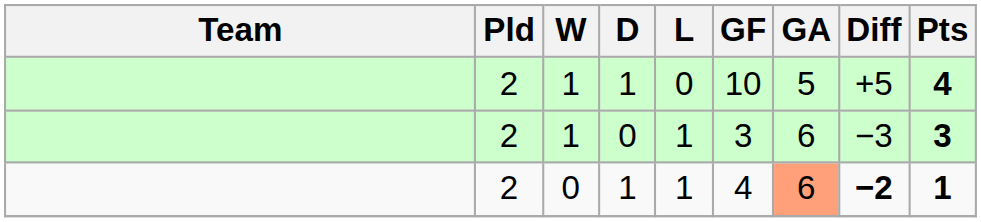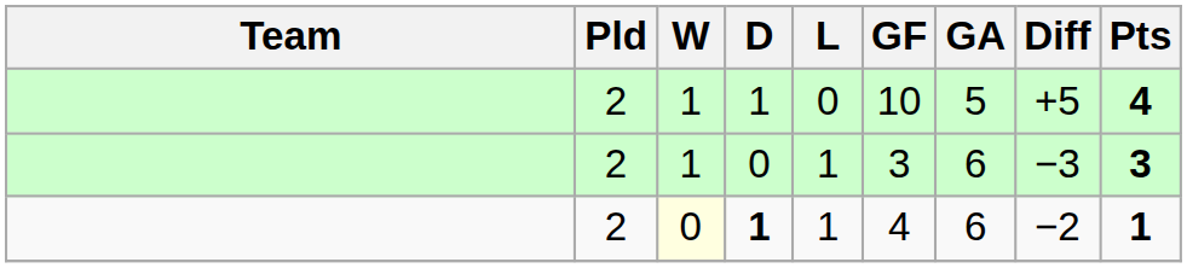 <table class="wikitable" style="text-align: center;">
 <tr>
 <th width=220>Team</th>
 <th width=20>Pld</th>
 <th width=20>W</th>
 <th width=20>D</th>
 <th width=20>L</th>
 <th width=20>GF</th>
 <th width=20>GA</th>
 <th width=20>Diff</th>
 <th width=20>Pts</th>
 </tr>
 <tr bgcolor=ccffcc>
 <td align="left"></td>
 <td>2</td>
 <td>1</td>
 <td>1</td>
 <td>0</td>
 <td>10</td>
 <td>5</td>
 <td>+5</td>
 <td><strong>4</strong></td>
 </tr>
 <tr bgcolor=ccffcc>
 <td align="left"></td>
 <td>2</td>
 <td>1</td>
 <td>0</td>
 <td>1</td>
 <td>3</td>
 <td>6</td>
 <td>−3</td>
 <td><strong>3</strong></td>
 </tr>
 <tr>
 <td align="left"></td>
 <td>2</td>
-<td>0</td>
-<td>1</td>
+<td style="background: lightyellow;">0</td>
+<td><strong>1</strong></td>
 <td>1</td>
 <td>4</td>
-<td style="background: lightsalmon;">6</td>
-<td><strong>−2</strong></td>
+<td>6</td>
+<td>−2</td>
 <td><strong>1</strong></td>
 </tr>
 <tr>
 </tr>
 </table>
